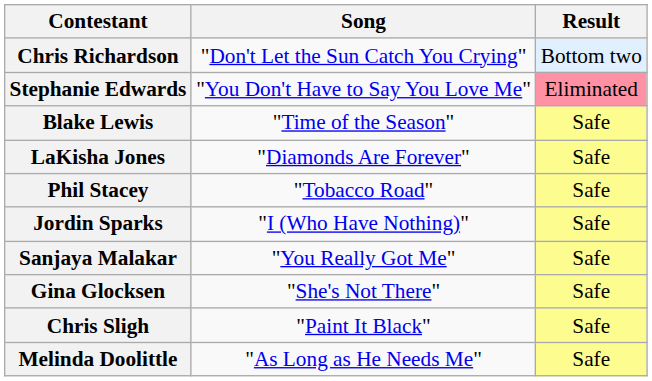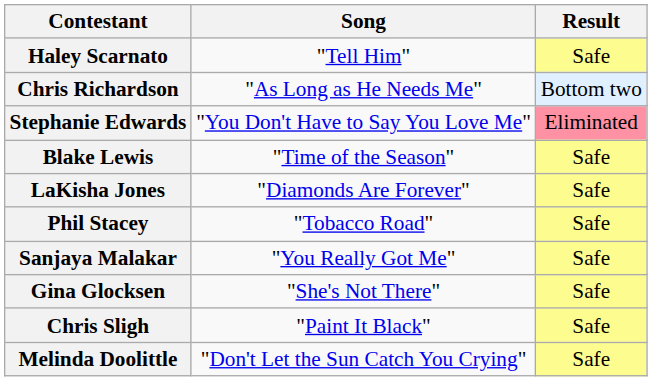 <table class="wikitable unsortable" style="text-align:center;">
 <tr>
 <th scope="col">Contestant</th>
 <th scope="col">Song</th>
 <th scope="col">Result</th>
 </tr>
 <tr>
+<th scope="row">Haley Scarnato</th>
+<td>"<a href='#'>Tell Him</a>"</td>
+<td style="background:#FDFC8F">Safe</td>
+</tr>
+<tr>
 <th scope="row">Chris Richardson</th>
-<td>"<a href='#'>Don't Let the Sun Catch You Crying</a>"</td>
+<td>"<a href='#'>As Long as He Needs Me</a>"</td>
 <td bgcolor="E0F0FF">Bottom two</td>
 </tr>
 <tr>
 <th scope="row">Stephanie Edwards</th>
 <td>"<a href='#'>You Don't Have to Say You Love Me</a>"</td>
 <td bgcolor="FF91A4">Eliminated</td>
 </tr>
 <tr>
 <th scope="row">Blake Lewis</th>
 <td>"<a href='#'>Time of the Season</a>"</td>
 <td style="background:#FDFC8F">Safe</td>
 </tr>
 <tr>
 <th scope="row">LaKisha Jones</th>
 <td>"<a href='#'>Diamonds Are Forever</a>"</td>
 <td style="background:#FDFC8F">Safe</td>
 </tr>
 <tr>
 <th scope="row">Phil Stacey</th>
 <td>"<a href='#'>Tobacco Road</a>"</td>
 <td style="background:#FDFC8F">Safe</td>
 </tr>
 <tr>
-<th scope="row">Jordin Sparks</th>
-<td>"<a href='#'>I (Who Have Nothing)</a>"</td>
-<td style="background:#FDFC8F">Safe</td>
-</tr>
-<tr>
 <th scope="row">Sanjaya Malakar</th>
 <td>"<a href='#'>You Really Got Me</a>"</td>
 <td style="background:#FDFC8F">Safe</td>
 </tr>
 <tr>
 <th scope="row">Gina Glocksen</th>
 <td>"<a href='#'>She's Not There</a>"</td>
 <td style="background:#FDFC8F">Safe</td>
 </tr>
 <tr>
 <th scope="row">Chris Sligh</th>
 <td>"<a href='#'>Paint It Black</a>"</td>
 <td style="background:#FDFC8F">Safe</td>
 </tr>
 <tr>
 <th scope="row">Melinda Doolittle</th>
-<td>"<a href='#'>As Long as He Needs Me</a>"</td>
+<td>"<a href='#'>Don't Let the Sun Catch You Crying</a>"</td>
 <td style="background:#FDFC8F">Safe</td>
 </tr>
 </table>
